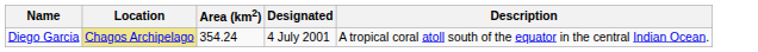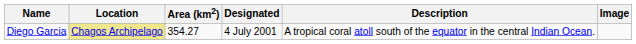 <table class="wikitable sortable">
 <tr>
 <th style="background-color:">Name</th>
 <th style="background-color:">Location</th>
 <th style="background-color:">Area (km<sup>2</sup>)</th>
 <th style="background-color:">Designated</th>
 <th style="background-color:">Description</th>
+<th style="background-color:">Image</th>
 </tr>
 <tr>
 <td><a href='#'>Diego Garcia</a></td>
 <td style="background: khaki;"><a href='#'>Chagos Archipelago</a><br><small></small></td>
-<td>354.24</td>
+<td>354.27</td>
 <td>4 July 2001</td>
 <td>A tropical coral <a href='#'>atoll</a> south of the <a href='#'>equator</a> in the central <a href='#'>Indian Ocean</a>.</td>
+<td></td>
 </tr>
 </table>
